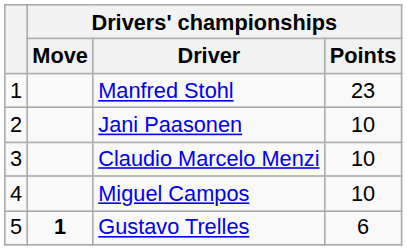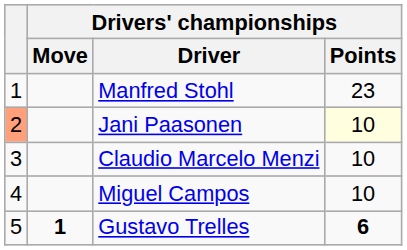 <table class="wikitable" style="font-size:85%;">
 <tr>
 <th rowspan="2"></th>
 <th colspan="3">Drivers' championships</th>
 </tr>
 <tr>
 <th>Move</th>
 <th>Driver</th>
 <th>Points</th>
 </tr>
 <tr>
 <td align="center">1</td>
 <td align="center"></td>
 <td> <a href='#'>Manfred Stohl</a></td>
 <td align="center">23</td>
 </tr>
 <tr>
-<td align="center">2</td>
+<td align="center" style="background: lightsalmon;">2</td>
 <td align="center"></td>
 <td> <a href='#'>Jani Paasonen</a></td>
-<td align="center">10</td>
+<td align="center" style="background: lightyellow;">10</td>
 </tr>
 <tr>
 <td align="center">3</td>
 <td align="center"></td>
 <td> <a href='#'>Claudio Marcelo Menzi</a></td>
 <td align="center">10</td>
 </tr>
 <tr>
 <td align="center">4</td>
 <td align="center"></td>
 <td> <a href='#'>Miguel Campos</a></td>
 <td align="center">10</td>
 </tr>
 <tr>
 <td align="center">5</td>
 <td align="center"><strong> 1</strong></td>
 <td> <a href='#'>Gustavo Trelles</a></td>
-<td align="center">6</td>
+<td align="center"><strong>6</strong></td>
 </tr>
 </table>
